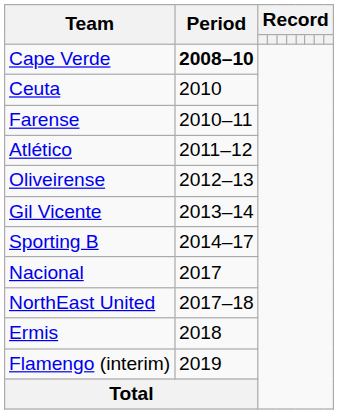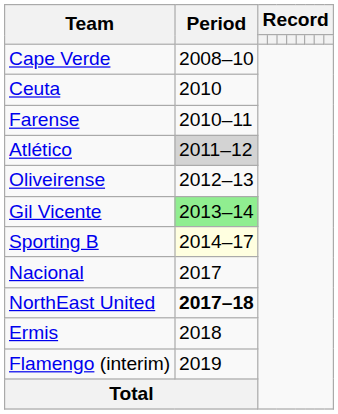 <table class=wikitable style="text-align: center">
 <tr>
 <th rowspan=2>Team</th>
 <th rowspan=2>Period</th>
 <th colspan=8>Record</th>
 </tr>
 <tr>
 <th></th>
 <th></th>
 <th></th>
 <th></th>
 <th></th>
 <th></th>
 <th></th>
 <th></th>
 </tr>
 <tr>
 <td align=left> <a href='#'>Cape Verde</a></td>
-<td align=left><strong>2008–10<br></strong></td>
+<td align=left>2008–10<br></td>
 </tr>
 <tr>
 <td align=left> <a href='#'>Ceuta</a></td>
 <td align=left>2010<br></td>
 </tr>
 <tr>
 <td align=left> <a href='#'>Farense</a></td>
 <td align=left>2010–11<br></td>
 </tr>
 <tr>
 <td align=left> <a href='#'>Atlético</a></td>
-<td align=left>2011–12<br></td>
+<td align=left style="background: lightgrey;">2011–12<br></td>
 </tr>
 <tr>
 <td align=left> <a href='#'>Oliveirense</a></td>
 <td align=left>2012–13<br></td>
 </tr>
 <tr>
 <td align=left> <a href='#'>Gil Vicente</a></td>
-<td align=left>2013–14<br></td>
+<td align=left style="background: lightgreen;">2013–14<br></td>
 </tr>
 <tr>
 <td align=left> <a href='#'>Sporting B</a></td>
-<td align=left>2014–17<br></td>
+<td align=left style="background: lightyellow;">2014–17<br></td>
 </tr>
 <tr>
 <td align=left> <a href='#'>Nacional</a></td>
 <td align=left>2017<br></td>
 </tr>
 <tr>
 <td align=left> <a href='#'>NorthEast United</a></td>
-<td align=left>2017–18<br></td>
+<td align=left><strong>2017–18<br></strong></td>
 </tr>
 <tr>
 <td align=left> <a href='#'>Ermis</a></td>
 <td align=left>2018<br></td>
 </tr>
 <tr>
 <td align=left> <a href='#'>Flamengo</a> (interim)</td>
 <td align=left>2019<br></td>
 </tr>
 <tr>
 <th colspan="2">Total<br></th>
 </tr>
 </table>
